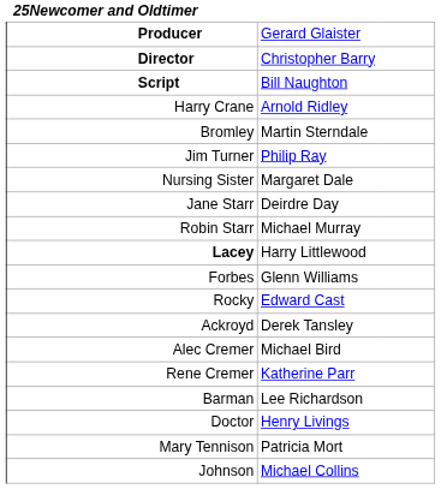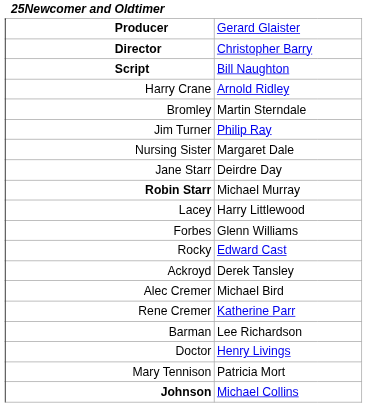 <table class="wikitable mw-collapsible mw-collapsed" style="vertical-align:top;margin:auto 2em;line-height:1.2;min-width:33em;display: inline-table;background-color:inherit;border:none;">
 <tr>
 <td class=unsortable style="border:hidden;line-height:1.67;text-align:center;margin-left:-1em;padding-left:0.5em;min-width:1.0em;"></td>
 <td class=unsortable style="border:none;padding-left:0.5em;text-align:left;min-width:16.5em;font-weight:700;font-style:italic;">25Newcomer and Oldtimer</td>
 <td class=unsortable style="border:none;text-align:right;font-weight:normal;font-family:Courier;font-size:95%;letter-spacing:-1pt;min-width:8.5em;padding-right:0.2em;"></td>
 <td class=unsortable style="border:hidden;min-width:3.5em;padding-left:0;"></td>
 <td class=unsortable style="border:hidden;min-width:3.5em;font-size:95%;"></td>
 </tr>
 <tr>
 <td rowspan=100 style="border:none thin;border-right-style :solid;"></td>
 </tr>
 <tr>
 <td style="text-align:left;padding-left:9.0em;font-weight:bold;">Producer</td>
 <td colspan=2><a href='#'>Gerard Glaister</a></td>
 </tr>
 <tr>
 <td style="text-align:left;padding-left:9.0em;font-weight:bold;">Director</td>
 <td colspan=2><a href='#'>Christopher Barry</a></td>
 </tr>
 <tr>
 <td style="text-align:left;padding-left:9.0em;font-weight:bold;">Script</td>
 <td colspan=2><a href='#'>Bill Naughton</a></td>
 </tr>
 <tr>
 <td style="text-align:right;">Harry Crane</td>
 <td colspan=2><a href='#'>Arnold Ridley</a></td>
 </tr>
 <tr>
 <td style="text-align:right;">Bromley</td>
 <td colspan=2>Martin Sterndale</td>
 </tr>
 <tr>
 <td style="text-align:right;">Jim Turner</td>
 <td colspan=2><a href='#'>Philip Ray</a></td>
 </tr>
 <tr>
 <td style="text-align:right;">Nursing Sister</td>
 <td colspan=2>Margaret Dale</td>
 </tr>
 <tr>
 <td style="text-align:right;">Jane Starr</td>
 <td colspan=2>Deirdre Day</td>
 </tr>
 <tr>
-<td style="text-align:right;">Robin Starr</td>
+<td style="text-align:right;"><strong>Robin Starr</strong></td>
 <td colspan=2>Michael Murray</td>
 </tr>
 <tr>
-<td style="text-align:right;"><strong>Lacey</strong></td>
+<td style="text-align:right;">Lacey</td>
 <td colspan=2>Harry Littlewood</td>
 </tr>
 <tr>
 <td style="text-align:right;">Forbes</td>
 <td colspan=2>Glenn Williams</td>
 </tr>
 <tr>
 <td style="text-align:right;">Rocky</td>
 <td colspan=2><a href='#'>Edward Cast</a></td>
 </tr>
 <tr>
 <td style="text-align:right;">Ackroyd</td>
 <td colspan=2>Derek Tansley</td>
 </tr>
 <tr>
 <td style="text-align:right;">Alec Cremer</td>
 <td colspan=2>Michael Bird</td>
 </tr>
 <tr>
 <td style="text-align:right;">Rene Cremer</td>
 <td colspan=2><a href='#'>Katherine Parr</a></td>
 </tr>
 <tr>
 <td style="text-align:right;">Barman</td>
 <td colspan=2>Lee Richardson</td>
 </tr>
 <tr>
 <td style="text-align:right;">Doctor</td>
 <td colspan=2><a href='#'>Henry Livings</a></td>
 </tr>
 <tr>
 <td style="text-align:right;">Mary Tennison</td>
 <td colspan=2>Patricia Mort</td>
 </tr>
 <tr>
-<td style="text-align:right;">Johnson</td>
+<td style="text-align:right;"><strong>Johnson</strong></td>
 <td colspan=2><a href='#'>Michael Collins</a></td>
 </tr>
 </table>
